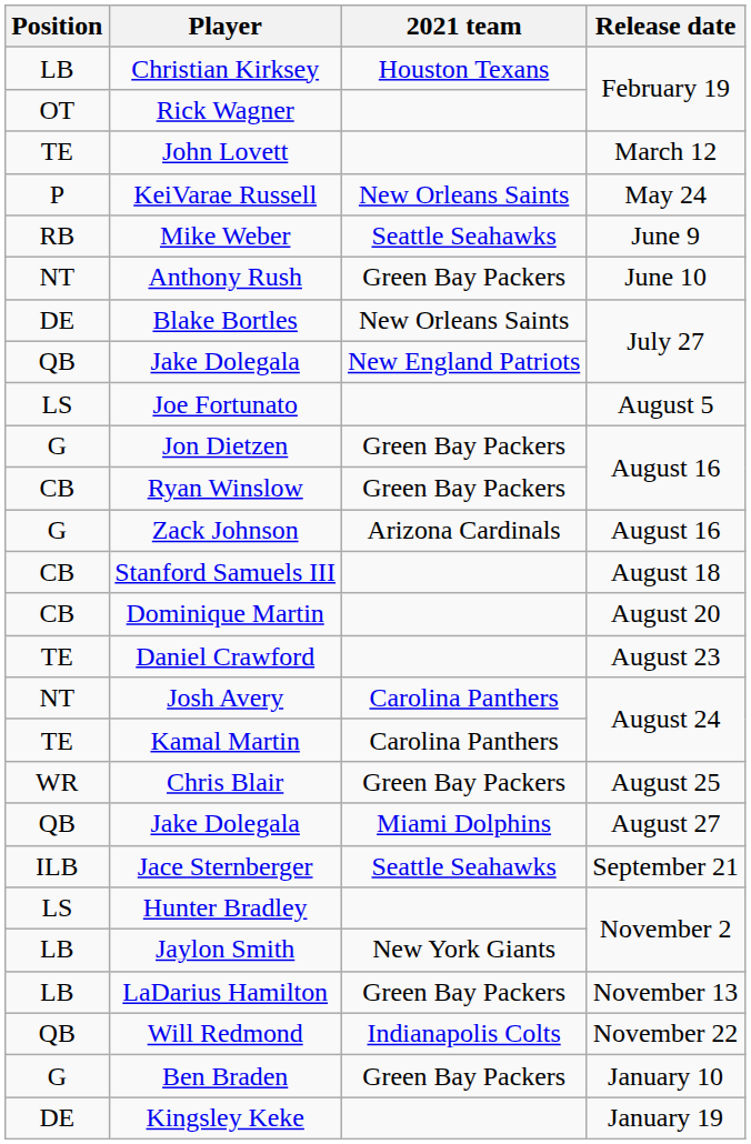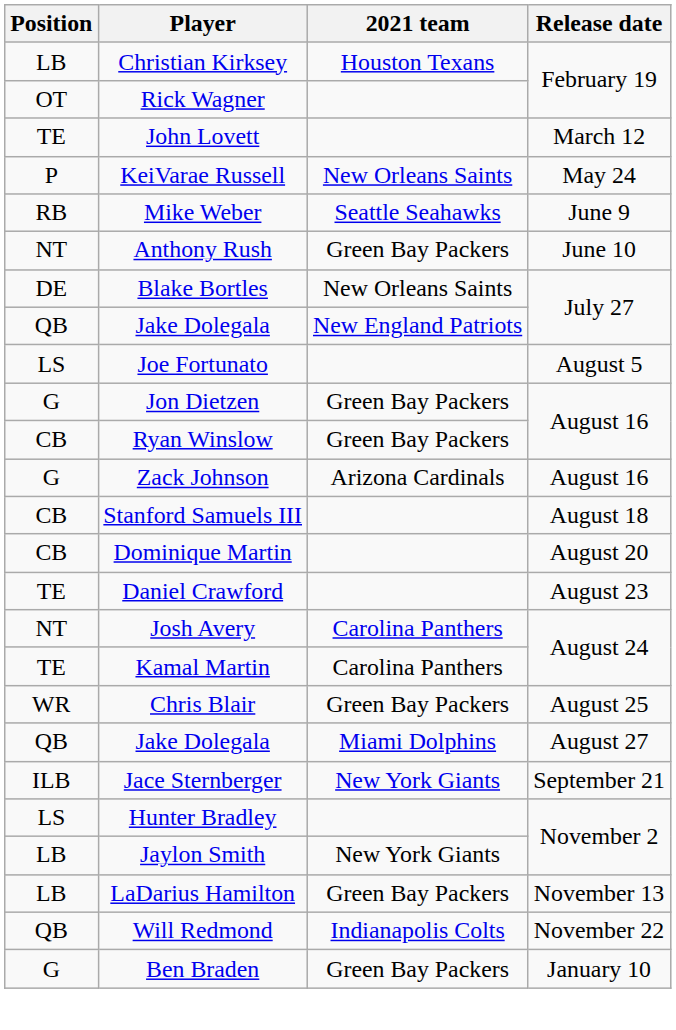 <table class="wikitable" style="text-align:center">
 <tr>
 <th>Position</th>
 <th>Player</th>
 <th>2021 team</th>
 <th>Release date</th>
 </tr>
 <tr>
 <td>LB</td>
 <td><a href='#'>Christian Kirksey</a></td>
 <td><a href='#'>Houston Texans</a></td>
 <td rowspan=2>February 19</td>
 </tr>
 <tr>
 <td>OT</td>
 <td><a href='#'>Rick Wagner</a></td>
 <td></td>
 </tr>
 <tr>
 <td>TE</td>
 <td><a href='#'>John Lovett</a></td>
 <td></td>
 <td>March 12</td>
 </tr>
 <tr>
 <td>P</td>
 <td><a href='#'>KeiVarae Russell</a></td>
 <td><a href='#'>New Orleans Saints</a></td>
 <td>May 24</td>
 </tr>
 <tr>
 <td>RB</td>
 <td><a href='#'>Mike Weber</a></td>
 <td><a href='#'>Seattle Seahawks</a></td>
 <td>June 9</td>
 </tr>
 <tr>
 <td>NT</td>
 <td><a href='#'>Anthony Rush</a></td>
 <td>Green Bay Packers</td>
 <td>June 10</td>
 </tr>
 <tr>
 <td>DE</td>
 <td><a href='#'>Blake Bortles</a></td>
 <td>New Orleans Saints</td>
 <td rowspan=2>July 27</td>
 </tr>
 <tr>
 <td>QB</td>
 <td><a href='#'>Jake Dolegala</a></td>
 <td><a href='#'>New England Patriots</a></td>
 </tr>
 <tr>
 <td>LS</td>
 <td><a href='#'>Joe Fortunato</a></td>
 <td></td>
 <td>August 5</td>
 </tr>
 <tr>
 <td>G</td>
 <td><a href='#'>Jon Dietzen</a></td>
 <td>Green Bay Packers</td>
 <td rowspan=2>August 16</td>
 </tr>
 <tr>
 <td>CB</td>
 <td><a href='#'>Ryan Winslow</a></td>
 <td>Green Bay Packers</td>
 </tr>
 <tr>
 <td>G</td>
 <td><a href='#'>Zack Johnson</a></td>
 <td>Arizona Cardinals</td>
 <td>August 16</td>
 </tr>
 <tr>
 <td>CB</td>
 <td><a href='#'>Stanford Samuels III</a></td>
 <td></td>
 <td>August 18</td>
 </tr>
 <tr>
 <td>CB</td>
 <td><a href='#'>Dominique Martin</a></td>
 <td></td>
 <td>August 20</td>
 </tr>
 <tr>
 <td>TE</td>
 <td><a href='#'>Daniel Crawford</a></td>
 <td></td>
 <td>August 23</td>
 </tr>
 <tr>
 <td>NT</td>
 <td><a href='#'>Josh Avery</a></td>
 <td><a href='#'>Carolina Panthers</a></td>
 <td rowspan=2>August 24</td>
 </tr>
 <tr>
 <td>TE</td>
 <td><a href='#'>Kamal Martin</a></td>
 <td>Carolina Panthers</td>
 </tr>
 <tr>
 <td>WR</td>
 <td><a href='#'>Chris Blair</a></td>
 <td>Green Bay Packers</td>
 <td>August 25</td>
 </tr>
 <tr>
 <td>QB</td>
 <td><a href='#'>Jake Dolegala</a></td>
 <td><a href='#'>Miami Dolphins</a></td>
 <td>August 27</td>
 </tr>
 <tr>
 <td>ILB</td>
 <td><a href='#'>Jace Sternberger</a></td>
-<td><a href='#'>Seattle Seahawks</a></td>
+<td><a href='#'>New York Giants</a></td>
 <td>September 21</td>
 </tr>
 <tr>
 <td>LS</td>
 <td><a href='#'>Hunter Bradley</a></td>
 <td></td>
 <td rowspan="2">November 2</td>
 </tr>
 <tr>
 <td>LB</td>
 <td><a href='#'>Jaylon Smith</a></td>
 <td>New York Giants</td>
 </tr>
 <tr>
 <td>LB</td>
 <td><a href='#'>LaDarius Hamilton</a></td>
 <td>Green Bay Packers</td>
 <td>November 13</td>
 </tr>
 <tr>
 <td>QB</td>
 <td><a href='#'>Will Redmond</a></td>
 <td><a href='#'>Indianapolis Colts</a></td>
 <td>November 22</td>
 </tr>
 <tr>
 <td>G</td>
 <td><a href='#'>Ben Braden</a></td>
 <td>Green Bay Packers</td>
 <td>January 10</td>
 </tr>
-<tr>
-<td>DE</td>
-<td><a href='#'>Kingsley Keke</a></td>
-<td></td>
-<td>January 19</td>
-</tr>
 </table>
